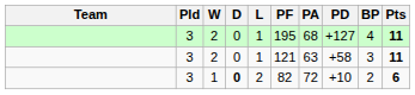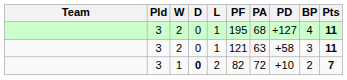 <table class="wikitable" style="text-align:center;">
 <tr>
 <th width=200>Team</th>
 <th width=20>Pld</th>
 <th width=20>W</th>
 <th width=20>D</th>
 <th width=20>L</th>
 <th width=20>PF</th>
 <th width=20>PA</th>
 <th width=30>PD</th>
 <th width=20>BP</th>
 <th width=20>Pts</th>
 </tr>
 <tr style="background:#cfc;">
 <td style="text-align:left"></td>
 <td>3</td>
 <td>2</td>
 <td>0</td>
 <td>1</td>
 <td>195</td>
 <td>68</td>
 <td>+127</td>
 <td>4</td>
 <td><strong>11</strong></td>
 </tr>
 <tr>
 <td style="text-align:left"></td>
 <td>3</td>
 <td>2</td>
 <td>0</td>
 <td>1</td>
 <td>121</td>
 <td>63</td>
 <td>+58</td>
 <td>3</td>
 <td><strong>11</strong></td>
 </tr>
 <tr>
 <td style="text-align:left"></td>
 <td>3</td>
 <td>1</td>
 <td><strong>0</strong></td>
 <td>2</td>
 <td>82</td>
 <td>72</td>
 <td>+10</td>
 <td>2</td>
-<td><strong>6</strong></td>
+<td><strong>7</strong></td>
 </tr>
 </table>
